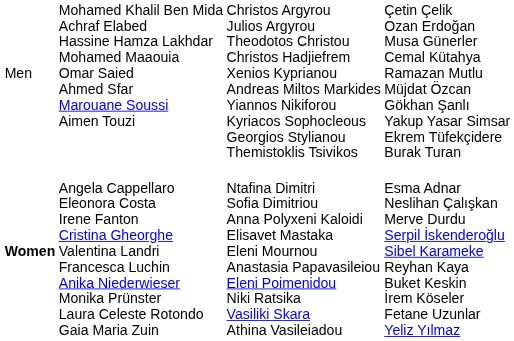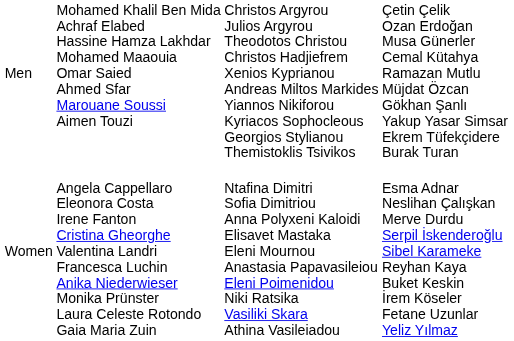 <table>
 <tr>
 <td>Men</td>
 <td valign=top nowrap><br>Mohamed Khalil Ben Mida<br>Achraf Elabed<br>Hassine Hamza Lakhdar<br>Mohamed Maaouia<br>Omar Saied<br>Ahmed Sfar<br><a href='#'>Marouane Soussi</a><br>Aimen Touzi</td>
 <td nowrap><br>Christos Argyrou<br>Julios Argyrou<br>Theodotos Christou<br>Christos Hadjiefrem<br>Xenios Kyprianou<br>Andreas Miltos Markides<br>Yiannos Nikiforou<br>Kyriacos Sophocleous<br>Georgios Stylianou<br>Themistoklis Tsivikos</td>
 <td nowrap><br>Çetin Çelik<br>Ozan Erdoğan<br>Musa Günerler<br>Cemal Kütahya<br>Ramazan Mutlu<br>Müjdat Özcan<br>Gökhan Şanlı<br>Yakup Yasar Simsar<br>Ekrem Tüfekçidere<br>Burak Turan</td>
 </tr>
 <tr>
-<td><strong>Women</strong></td>
+<td>Women</td>
 <td nowrap><br>Angela Cappellaro<br>Eleonora Costa<br>Irene Fanton<br><a href='#'>Cristina Gheorghe</a><br>Valentina Landri<br>Francesca Luchin<br><a href='#'>Anika Niederwieser</a><br>Monika Prünster<br>Laura Celeste Rotondo<br>Gaia Maria Zuin</td>
 <td nowrap><br>Ntafina Dimitri<br>Sofia Dimitriou<br>Anna Polyxeni Kaloidi<br>Elisavet Mastaka<br>Eleni Mournou<br>Anastasia Papavasileiou<br><a href='#'>Eleni Poimenidou</a><br>Niki Ratsika<br><a href='#'>Vasiliki Skara</a><br>Athina Vasileiadou</td>
 <td nowrap><br>Esma Adnar<br>Neslihan Çalışkan<br>Merve Durdu<br><a href='#'>Serpil İskenderoğlu</a><br><a href='#'>Sibel Karameke</a><br>Reyhan Kaya<br>Buket Keskin<br>İrem Köseler<br>Fetane Uzunlar<br><a href='#'>Yeliz Yılmaz</a></td>
 </tr>
 </table>
